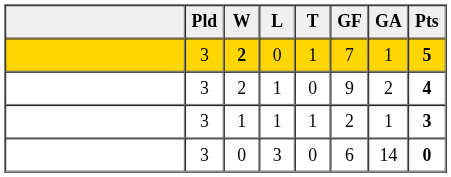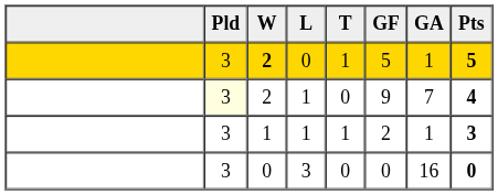 <table border=1 cellpadding=5 cellspacing=0>
 <tr>
 <th bgcolor="#efefef" width="150"></th>
 <th bgcolor="#efefef" width="20">Pld</th>
 <th bgcolor="#efefef" width="20">W</th>
 <th bgcolor="#efefef" width="20">L</th>
 <th bgcolor="#efefef" width="20">T</th>
 <th bgcolor="#efefef" width="20">GF</th>
 <th bgcolor="#efefef" width="20">GA</th>
 <th bgcolor="#efefef" width="20">Pts</th>
 </tr>
 <tr align=center bgcolor="gold">
 <td align=left> </td>
 <td>3</td>
 <td><strong>2</strong></td>
 <td>0</td>
 <td>1</td>
-<td>7</td>
+<td>5</td>
 <td>1</td>
 <td><strong>5</strong></td>
 </tr>
 <tr align=center>
 <td align=left></td>
-<td>3</td>
+<td style="background: lightyellow;">3</td>
 <td>2</td>
 <td>1</td>
 <td>0</td>
 <td>9</td>
-<td>2</td>
+<td>7</td>
 <td><strong>4</strong></td>
 </tr>
 <tr align=center>
 <td align=left></td>
 <td>3</td>
 <td>1</td>
 <td>1</td>
 <td>1</td>
 <td>2</td>
 <td>1</td>
 <td><strong>3</strong></td>
 </tr>
 <tr align=center>
 <td align=left></td>
 <td>3</td>
 <td>0</td>
 <td>3</td>
 <td>0</td>
-<td>6</td>
-<td>14</td>
+<td>0</td>
+<td>16</td>
 <td><strong>0</strong></td>
 </tr>
 <tr align=center>
 </tr>
 </table>
